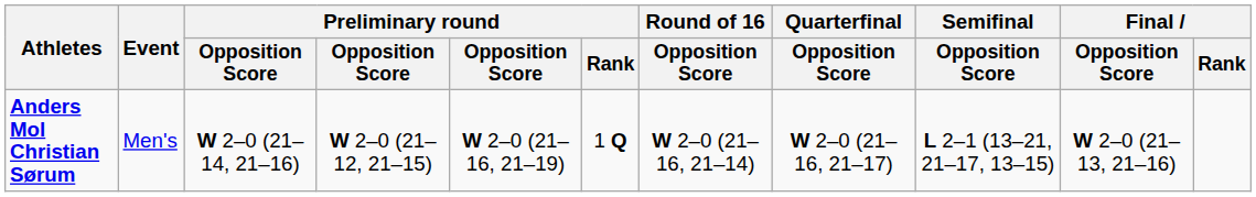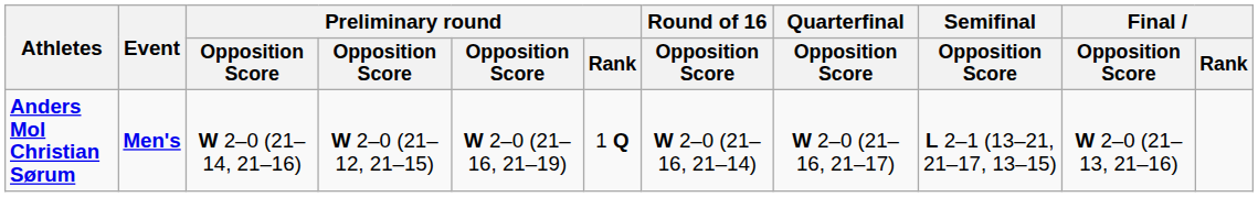 <table class=wikitable style=font-size:90%;text-align:center>
 <tr>
 <th rowspan=2>Athletes</th>
 <th rowspan=2>Event</th>
 <th colspan=4>Preliminary round</th>
 <th>Round of 16</th>
 <th>Quarterfinal</th>
 <th>Semifinal</th>
 <th colspan=2>Final / </th>
 </tr>
 <tr style=font-size:95%>
 <th>Opposition<br>Score</th>
 <th>Opposition<br>Score</th>
 <th>Opposition<br>Score</th>
 <th>Rank</th>
 <th>Opposition<br>Score</th>
 <th>Opposition<br>Score</th>
 <th>Opposition<br>Score</th>
 <th>Opposition<br>Score</th>
 <th>Rank</th>
 </tr>
 <tr>
 <td align=left><strong><a href='#'>Anders Mol</a><br><a href='#'>Christian Sørum</a></strong></td>
-<td align=left><a href='#'>Men's</a></td>
+<td align=left><strong><a href='#'>Men's</a></strong></td>
 <td><br><strong>W</strong> 2–0 (21–14, 21–16)</td>
 <td><br><strong>W</strong> 2–0 (21–12, 21–15)</td>
 <td><br><strong>W</strong> 2–0 (21–16, 21–19)</td>
 <td>1 <strong>Q</strong></td>
 <td><br><strong>W</strong> 2–0 (21–16, 21–14)</td>
 <td><br><strong>W</strong> 2–0 (21–16, 21–17)</td>
 <td><br><strong>L</strong> 2–1 (13–21, 21–17, 13–15)</td>
 <td><br><strong>W</strong> 2–0 (21–13, 21–16)</td>
 <td></td>
 </tr>
 </table>
